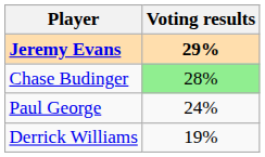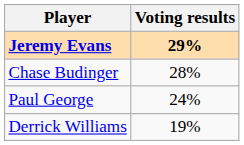 <table class="wikitable">
 <tr>
 <th>Player</th>
 <th>Voting results</th>
 </tr>
 <tr style="background:#ffdead; text-align:center;">
 <td align=left><strong><a href='#'>Jeremy Evans</a></strong> </td>
 <td><strong>29%</strong></td>
 </tr>
 <tr align=center>
 <td align=left><a href='#'>Chase Budinger</a> </td>
-<td style="background: lightgreen;">28%</td>
+<td>28%</td>
 </tr>
 <tr align=center>
 <td align=left><a href='#'>Paul George</a> </td>
 <td>24%</td>
 </tr>
 <tr align=center>
 <td align=left><a href='#'>Derrick Williams</a> </td>
 <td>19%</td>
 </tr>
 </table>
